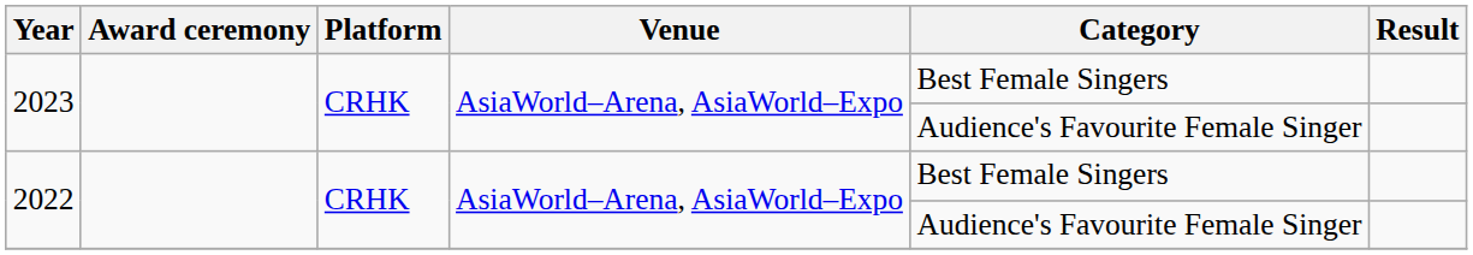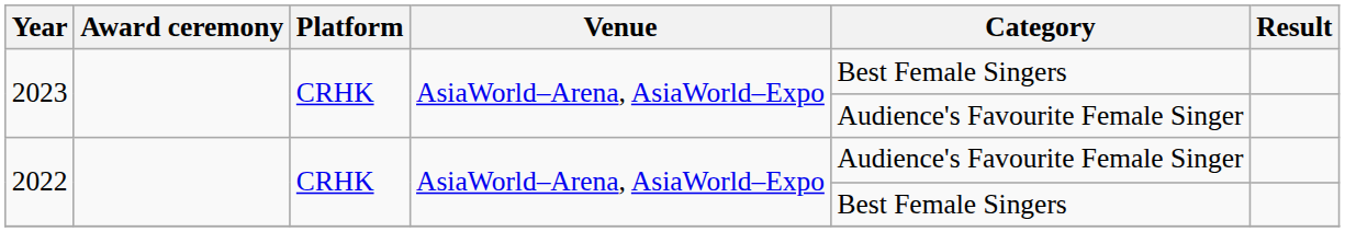 <table class="wikitable plainrowheaders">
 <tr>
 <th scope="col">Year</th>
 <th scope="col">Award ceremony</th>
 <th scope="col">Platform</th>
 <th scope="col">Venue</th>
 <th scope="col">Category</th>
 <th scope="col">Result</th>
 </tr>
 <tr>
 <td rowspan="2">2023</td>
 <td rowspan="2"></td>
 <td rowspan="2"><a href='#'>CRHK</a></td>
 <td rowspan="2"><a href='#'>AsiaWorld–Arena</a>, <a href='#'>AsiaWorld–Expo</a></td>
 <td>Best Female Singers</td>
 <td></td>
 </tr>
 <tr>
 <td>Audience's Favourite Female Singer</td>
 <td></td>
 </tr>
 <tr>
 <td rowspan="2">2022</td>
 <td rowspan="2"></td>
 <td rowspan="2"><a href='#'>CRHK</a></td>
 <td rowspan="2"><a href='#'>AsiaWorld–Arena</a>, <a href='#'>AsiaWorld–Expo</a></td>
-<td>Best Female Singers</td>
+<td>Audience's Favourite Female Singer</td>
 <td></td>
 </tr>
 <tr>
-<td>Audience's Favourite Female Singer</td>
+<td>Best Female Singers</td>
 <td></td>
 </tr>
 <tr>
 </tr>
 </table>
